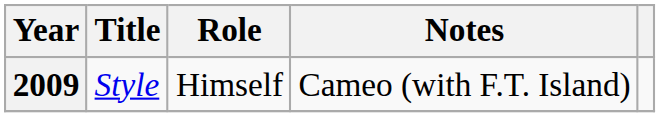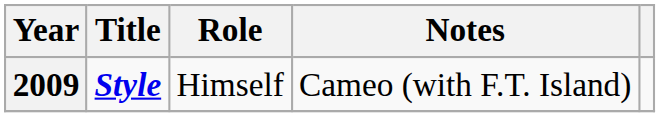 <table class="wikitable  plainrowheaders">
 <tr>
 <th scope="col">Year</th>
 <th scope="col">Title</th>
 <th scope="col">Role</th>
 <th scope="col">Notes</th>
 <th scope="col" class="unsortable"></th>
 </tr>
 <tr>
 <th scope="row">2009</th>
-<td><em><a href='#'>Style</a></em></td>
+<td><strong><em><a href='#'>Style</a></em></strong></td>
 <td>Himself</td>
 <td>Cameo (with F.T. Island)</td>
 <td></td>
 </tr>
 <tr>
 </tr>
 </table>
